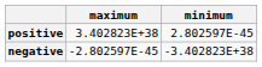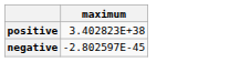 <table class="wikitable" style="text-align:right;font-family:monospace;">
 <tr>
 <th></th>
 <th>maximum</th>
-<th>minimum</th>
 </tr>
 <tr>
 <th>positive</th>
 <td>3.402823E+38</td>
-<td>2.802597E-45</td>
 </tr>
 <tr>
 <th>negative</th>
 <td>-2.802597E-45</td>
-<td>-3.402823E+38</td>
 </tr>
 </table>
